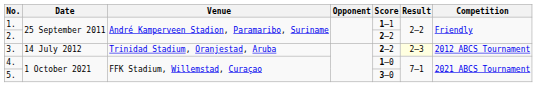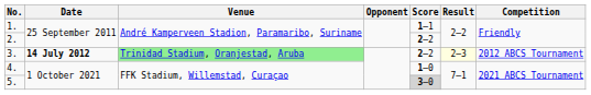 <table class="wikitable collapsible">
 <tr>
 <th>No.</th>
 <th>Date</th>
 <th>Venue</th>
 <th>Opponent</th>
 <th>Score</th>
 <th>Result</th>
 <th>Competition</th>
 </tr>
 <tr>
 <td>1.</td>
 <td rowspan=2>25 September 2011</td>
 <td rowspan=2><a href='#'>André Kamperveen Stadion</a>, <a href='#'>Paramaribo</a>, <a href='#'>Suriname</a></td>
 <td rowspan=2></td>
 <td style="text-align:center;"><strong>1</strong>–1</td>
 <td rowspan=2 style="text-align:center;">2–2</td>
 <td rowspan=2><a href='#'>Friendly</a></td>
 </tr>
 <tr>
 <td>2.</td>
 <td style="text-align:center;"><strong>2</strong>–2</td>
 </tr>
 <tr>
 <td>3.</td>
-<td>14 July 2012</td>
-<td><a href='#'>Trinidad Stadium</a>, <a href='#'>Oranjestad</a>, <a href='#'>Aruba</a></td>
+<td><strong>14 July 2012</strong></td>
+<td style="background: lightgreen;"><a href='#'>Trinidad Stadium</a>, <a href='#'>Oranjestad</a>, <a href='#'>Aruba</a></td>
 <td rowspan=3></td>
 <td style="text-align:center;"><strong>2</strong>–2</td>
 <td style="background: lightyellow; text-align:center;">2–3</td>
 <td><a href='#'>2012 ABCS Tournament</a></td>
 </tr>
 <tr>
 <td>4.</td>
 <td rowspan=2>1 October 2021</td>
 <td rowspan=2>FFK Stadium, <a href='#'>Willemstad</a>, <a href='#'>Curaçao</a></td>
 <td style="text-align:center;"><strong>1</strong>–0</td>
 <td rowspan=2 style="text-align:center;">7–1</td>
 <td rowspan=2><a href='#'>2021 ABCS Tournament</a></td>
 </tr>
 <tr>
 <td>5.</td>
-<td style="text-align:center;"><strong>3</strong>–0</td>
+<td style="background: lightgrey; text-align:center;"><strong>3</strong>–0</td>
 </tr>
 </table>
